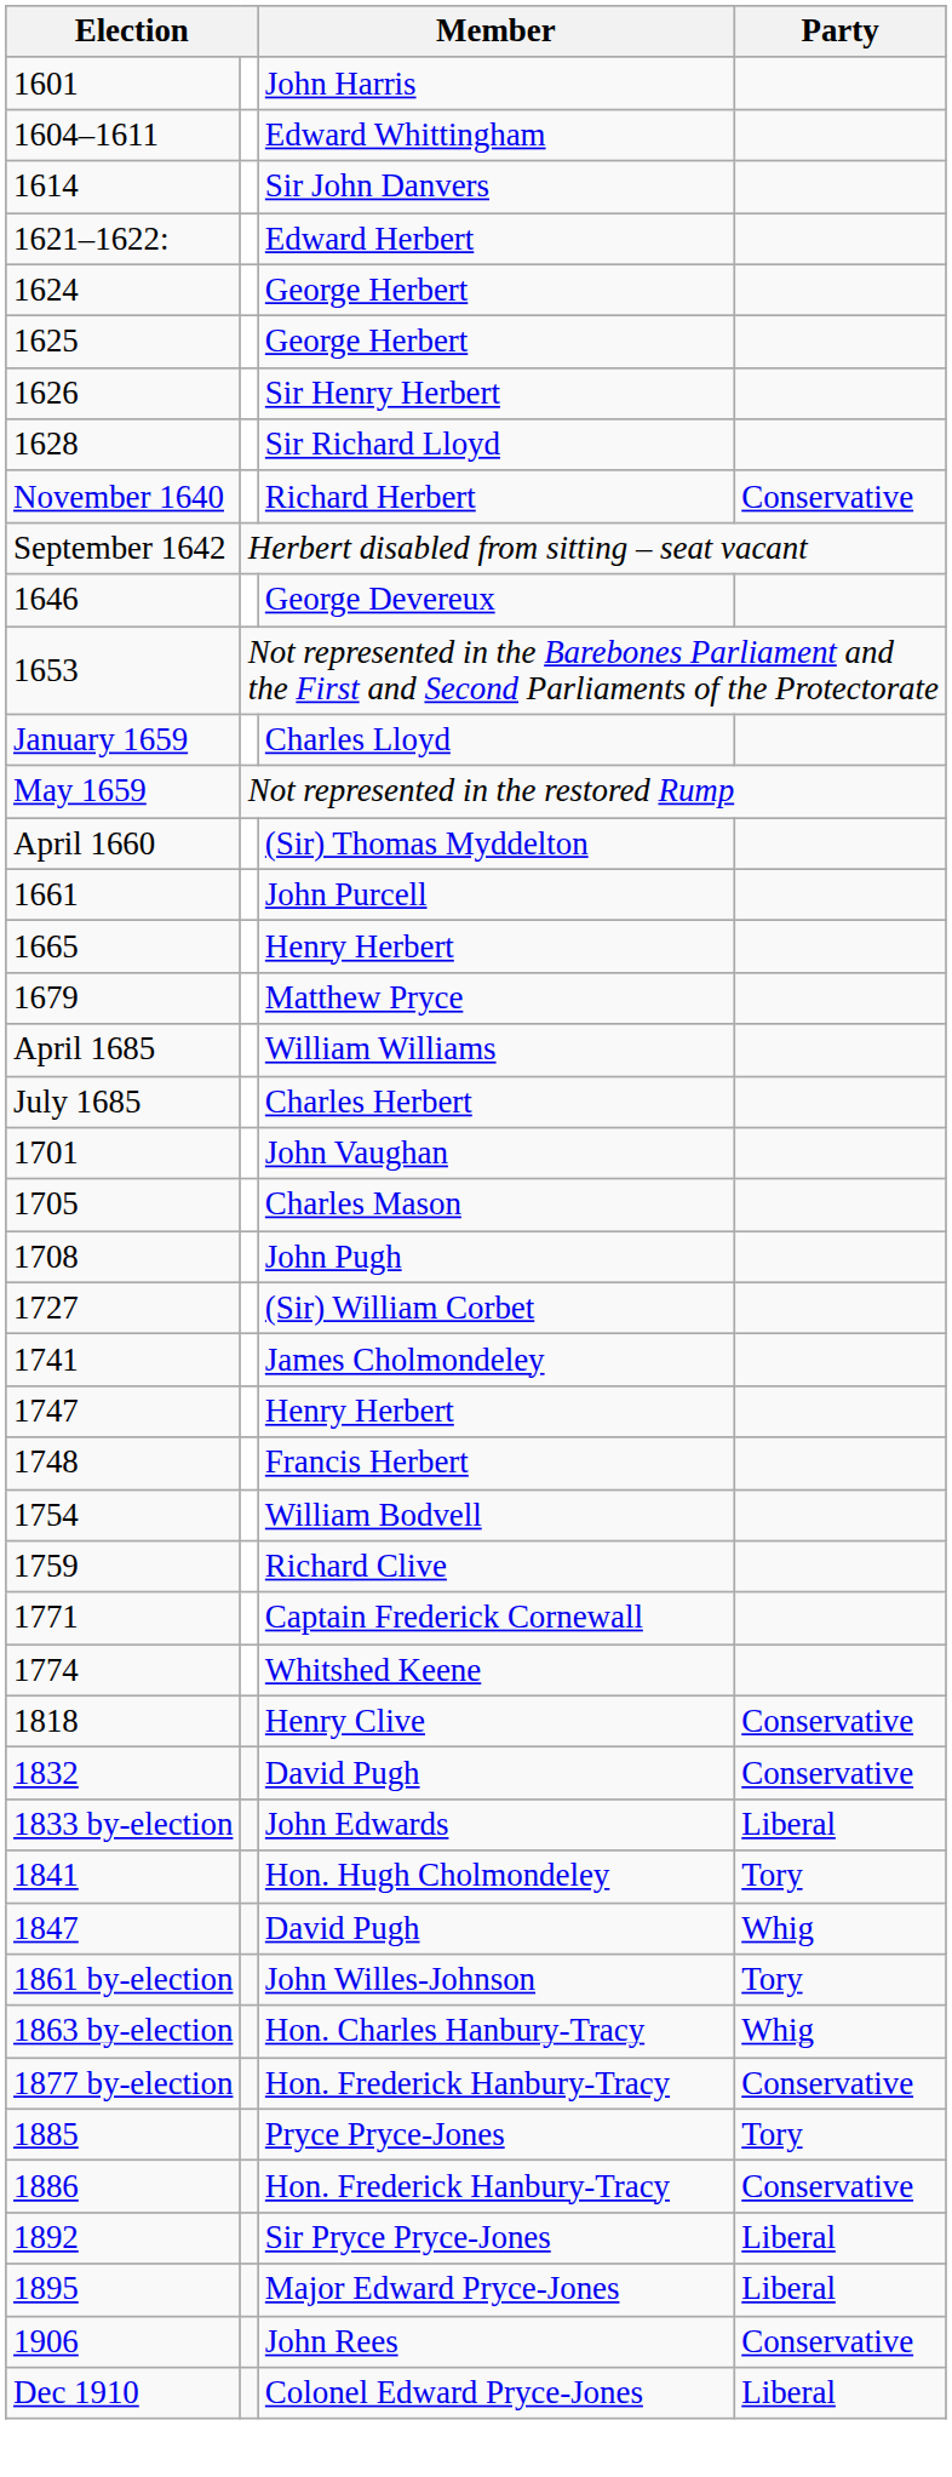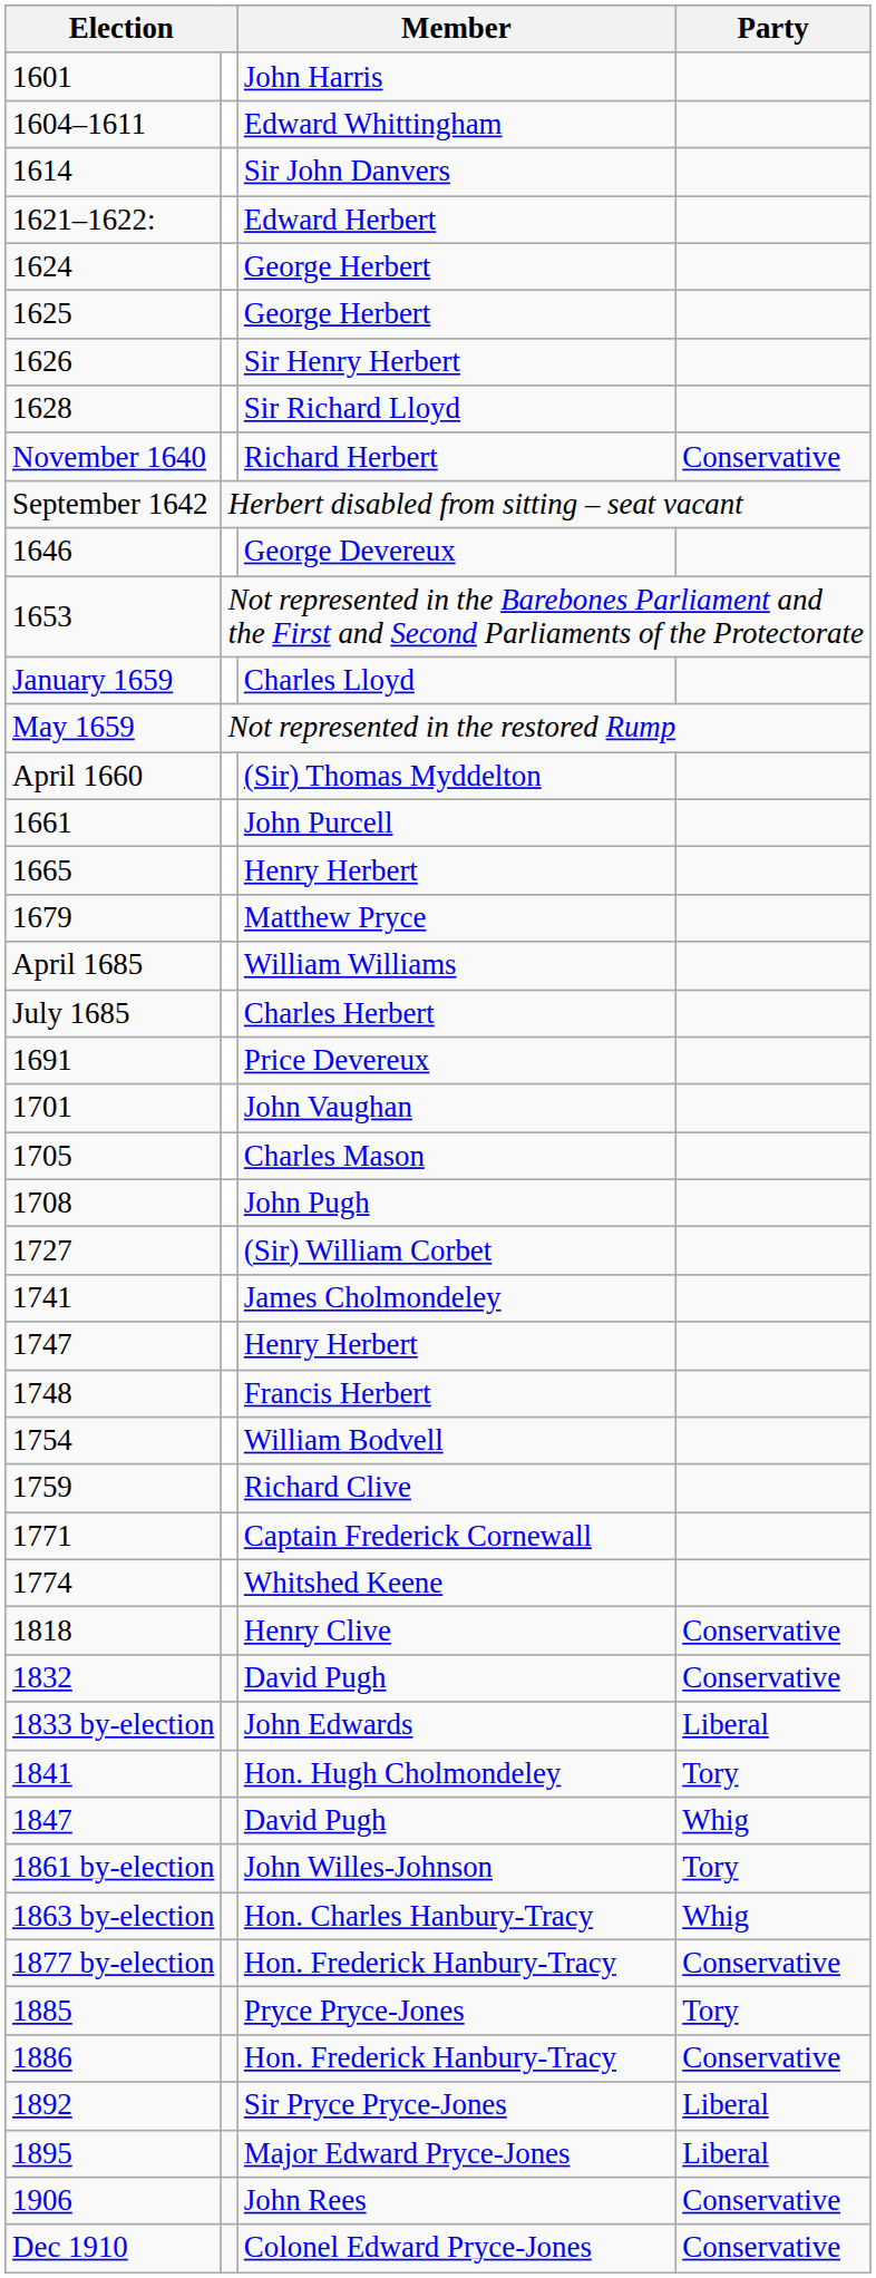 <table class="wikitable">
 <tr>
 <th colspan="2">Election</th>
 <th>Member</th>
 <th>Party</th>
 </tr>
 <tr>
 <td>1601</td>
 <td style="color:inherit;background-color: white"></td>
 <td><a href='#'>John Harris</a></td>
 <td></td>
 </tr>
 <tr>
 <td>1604–1611</td>
 <td style="color:inherit;background-color: white"></td>
 <td><a href='#'>Edward Whittingham</a></td>
 <td></td>
 </tr>
 <tr>
 <td>1614</td>
 <td style="color:inherit;background-color: white"></td>
 <td><a href='#'>Sir John Danvers</a></td>
 <td></td>
 </tr>
 <tr>
 <td>1621–1622:</td>
 <td style="color:inherit;background-color: white"></td>
 <td><a href='#'>Edward Herbert</a></td>
 <td></td>
 </tr>
 <tr>
 <td>1624</td>
 <td style="color:inherit;background-color: white"></td>
 <td><a href='#'>George Herbert</a></td>
 <td></td>
 </tr>
 <tr>
 <td>1625</td>
 <td style="color:inherit;background-color: white"></td>
 <td><a href='#'>George Herbert</a></td>
 <td></td>
 </tr>
 <tr>
 <td>1626</td>
 <td style="color:inherit;background-color: white"></td>
 <td><a href='#'>Sir Henry Herbert</a></td>
 <td></td>
 </tr>
 <tr>
 <td>1628</td>
 <td style="color:inherit;background-color: white"></td>
 <td><a href='#'>Sir Richard Lloyd</a></td>
 <td></td>
 </tr>
 <tr>
 <td><a href='#'>November 1640</a></td>
 <td style="color:inherit;background-color: white"></td>
 <td><a href='#'>Richard Herbert</a></td>
 <td><a href='#'>Conservative</a></td>
 </tr>
 <tr>
 <td>September 1642</td>
 <td colspan="3"><em>Herbert disabled from sitting – seat vacant</em></td>
 </tr>
 <tr>
 <td>1646</td>
 <td style="color:inherit;background-color: white"></td>
 <td><a href='#'>George Devereux</a></td>
 <td></td>
 </tr>
 <tr>
 <td>1653</td>
 <td colspan="3"><em>Not represented in the <a href='#'>Barebones Parliament</a> and <br>the <a href='#'>First</a> and <a href='#'>Second</a> Parliaments of the Protectorate</em></td>
 </tr>
 <tr>
 <td><a href='#'>January 1659</a></td>
 <td style="color:inherit;background-color: white"></td>
 <td><a href='#'>Charles Lloyd</a></td>
 <td></td>
 </tr>
 <tr>
 <td><a href='#'>May 1659</a></td>
 <td colspan="3"><em>Not represented in the restored <a href='#'>Rump</a></em></td>
 </tr>
 <tr>
 <td>April 1660</td>
 <td style="color:inherit;background-color: white"></td>
 <td><a href='#'>(Sir) Thomas Myddelton</a></td>
 <td></td>
 </tr>
 <tr>
 <td>1661</td>
 <td style="color:inherit;background-color: white"></td>
 <td><a href='#'>John Purcell</a></td>
 <td></td>
 </tr>
 <tr>
 <td>1665</td>
 <td style="color:inherit;background-color: white"></td>
 <td><a href='#'>Henry Herbert</a></td>
 <td></td>
 </tr>
 <tr>
 <td>1679</td>
 <td style="color:inherit;background-color: white"></td>
 <td><a href='#'>Matthew Pryce</a></td>
 <td></td>
 </tr>
 <tr>
 <td>April 1685</td>
 <td style="color:inherit;background-color: white"></td>
 <td><a href='#'>William Williams</a></td>
 <td></td>
 </tr>
 <tr>
 <td>July 1685</td>
 <td style="color:inherit;background-color: white"></td>
 <td><a href='#'>Charles Herbert</a></td>
+<td></td>
+</tr>
+<tr>
+<td>1691</td>
+<td style="color:inherit;background-color: white"></td>
+<td><a href='#'>Price Devereux</a></td>
 <td></td>
 </tr>
 <tr>
 <td>1701</td>
 <td style="color:inherit;background-color: white"></td>
 <td><a href='#'>John Vaughan</a></td>
 <td></td>
 </tr>
 <tr>
 <td>1705</td>
 <td style="color:inherit;background-color: white"></td>
 <td><a href='#'>Charles Mason</a></td>
 <td></td>
 </tr>
 <tr>
 <td>1708</td>
 <td style="color:inherit;background-color: white"></td>
 <td><a href='#'>John Pugh</a></td>
 <td></td>
 </tr>
 <tr>
 <td>1727</td>
 <td style="color:inherit;background-color: white"></td>
 <td><a href='#'>(Sir) William Corbet</a></td>
 <td></td>
 </tr>
 <tr>
 <td>1741</td>
 <td style="color:inherit;background-color: white"></td>
 <td><a href='#'>James Cholmondeley</a></td>
 <td></td>
 </tr>
 <tr>
 <td>1747</td>
 <td style="color:inherit;background-color: white"></td>
 <td><a href='#'>Henry Herbert</a></td>
 <td></td>
 </tr>
 <tr>
 <td>1748</td>
 <td style="color:inherit;background-color: white"></td>
 <td><a href='#'>Francis Herbert</a></td>
 <td></td>
 </tr>
 <tr>
 <td>1754</td>
 <td style="color:inherit;background-color: white"></td>
 <td><a href='#'>William Bodvell</a></td>
 <td></td>
 </tr>
 <tr>
 <td>1759</td>
 <td style="color:inherit;background-color: white"></td>
 <td><a href='#'>Richard Clive</a></td>
 <td></td>
 </tr>
 <tr>
 <td>1771</td>
 <td style="color:inherit;background-color: white"></td>
 <td><a href='#'>Captain Frederick Cornewall</a></td>
 <td></td>
 </tr>
 <tr>
 <td>1774</td>
 <td style="color:inherit;background-color: white"></td>
 <td><a href='#'>Whitshed Keene</a></td>
 <td></td>
 </tr>
 <tr>
 <td>1818</td>
 <td style="color:inherit;background-color: "></td>
 <td><a href='#'>Henry Clive</a></td>
 <td><a href='#'>Conservative</a></td>
 </tr>
 <tr>
 <td><a href='#'>1832</a></td>
 <td style="color:inherit;background-color: "></td>
 <td><a href='#'>David Pugh</a></td>
 <td><a href='#'>Conservative</a></td>
 </tr>
 <tr>
 <td><a href='#'>1833 by-election</a></td>
 <td style="color:inherit;background-color: "></td>
 <td><a href='#'>John Edwards</a></td>
 <td><a href='#'>Liberal</a></td>
 </tr>
 <tr>
 <td><a href='#'>1841</a></td>
 <td style="color:inherit;background-color: "></td>
 <td><a href='#'>Hon. Hugh Cholmondeley</a></td>
 <td><a href='#'>Tory</a></td>
 </tr>
 <tr>
 <td><a href='#'>1847</a></td>
 <td style="color:inherit;background-color: "></td>
 <td><a href='#'>David Pugh</a></td>
 <td><a href='#'>Whig</a></td>
 </tr>
 <tr>
 <td><a href='#'>1861 by-election</a></td>
 <td style="color:inherit;background-color: "></td>
 <td><a href='#'>John Willes-Johnson</a></td>
 <td><a href='#'>Tory</a></td>
 </tr>
 <tr>
 <td><a href='#'>1863 by-election</a></td>
 <td style="color:inherit;background-color: "></td>
 <td><a href='#'>Hon. Charles Hanbury-Tracy</a></td>
 <td><a href='#'>Whig</a></td>
 </tr>
 <tr>
 <td><a href='#'>1877 by-election</a></td>
 <td style="color:inherit;background-color: "></td>
 <td><a href='#'>Hon. Frederick Hanbury-Tracy</a></td>
 <td><a href='#'>Conservative</a></td>
 </tr>
 <tr>
 <td><a href='#'>1885</a></td>
 <td style="color:inherit;background-color: "></td>
 <td><a href='#'>Pryce Pryce-Jones</a></td>
 <td><a href='#'>Tory</a></td>
 </tr>
 <tr>
 <td><a href='#'>1886</a></td>
 <td style="color:inherit;background-color: "></td>
 <td><a href='#'>Hon. Frederick Hanbury-Tracy</a></td>
 <td><a href='#'>Conservative</a></td>
 </tr>
 <tr>
 <td><a href='#'>1892</a></td>
 <td style="color:inherit;background-color: "></td>
 <td><a href='#'>Sir Pryce Pryce-Jones</a></td>
 <td><a href='#'>Liberal</a></td>
 </tr>
 <tr>
 <td><a href='#'>1895</a></td>
 <td style="color:inherit;background-color: "></td>
 <td><a href='#'>Major Edward Pryce-Jones</a></td>
 <td><a href='#'>Liberal</a></td>
 </tr>
 <tr>
 <td><a href='#'>1906</a></td>
 <td style="color:inherit;background-color: "></td>
 <td><a href='#'>John Rees</a></td>
 <td><a href='#'>Conservative</a></td>
 </tr>
 <tr>
 <td><a href='#'>Dec 1910</a></td>
 <td style="color:inherit;background-color: "></td>
 <td><a href='#'>Colonel Edward Pryce-Jones</a></td>
-<td><a href='#'>Liberal</a></td>
+<td><a href='#'>Conservative</a></td>
 </tr>
 </table>
